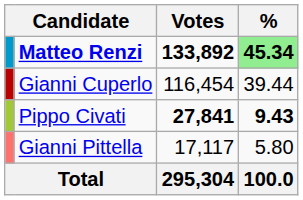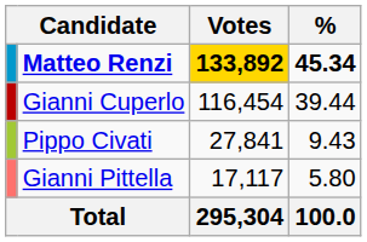 <table class="wikitable" style="font-size:95%">
 <tr bgcolor="#E9E9E9">
 <th rowspan="1" colspan="2">Candidate</th>
 <th rowspan="1" colspan="1">Votes</th>
 <th rowspan="1" colspan="1">%</th>
 </tr>
 <tr>
 <td bgcolor="#0099CC"></td>
 <td align="left"><strong><a href='#'>Matteo Renzi</a></strong></td>
-<td align="right"><strong>133,892</strong></td>
-<td align="right" style="background: lightgreen;"><strong>45.34</strong></td>
+<td align="right" style="background: gold;"><strong>133,892</strong></td>
+<td align="right"><strong>45.34</strong></td>
 </tr>
 <tr>
 <td bgcolor="#BB0000"></td>
 <td align="left"><a href='#'>Gianni Cuperlo</a></td>
 <td align="right">116,454</td>
 <td align="right">39.44</td>
 </tr>
 <tr>
 <td bgcolor="#A1C935"></td>
 <td align="left"><a href='#'>Pippo Civati</a></td>
-<td align="right"><strong>27,841</strong></td>
-<td align="right"><strong>9.43</strong></td>
+<td align="right">27,841</td>
+<td align="right">9.43</td>
 </tr>
 <tr>
 <td bgcolor="#FF716D"></td>
 <td align="left"><a href='#'>Gianni Pittella</a></td>
 <td align="right">17,117</td>
 <td align="right">5.80</td>
 </tr>
 <tr>
 <th colspan="2" align="left">Total</th>
 <th align="right">295,304</th>
 <th align="right">100.0</th>
 </tr>
 </table>
